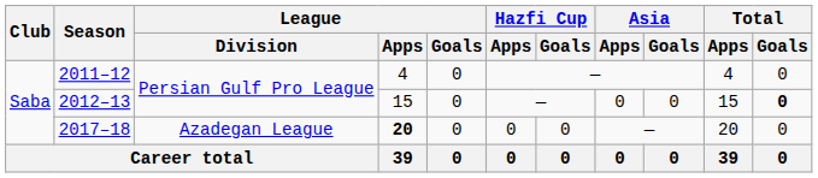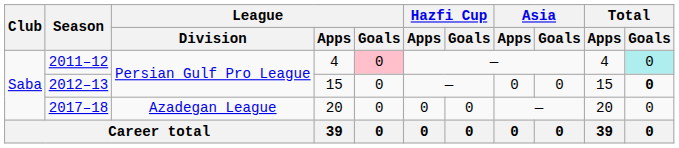 <table class="wikitable" style="text-align: center;">
 <tr>
 <th rowspan="2">Club</th>
 <th rowspan="2">Season</th>
 <th colspan="3">League</th>
 <th colspan="2"><a href='#'>Hazfi Cup</a></th>
 <th colspan="2"><a href='#'>Asia</a></th>
 <th colspan="2">Total</th>
 </tr>
 <tr>
 <th>Division</th>
 <th>Apps</th>
 <th>Goals</th>
 <th>Apps</th>
 <th>Goals</th>
 <th>Apps</th>
 <th>Goals</th>
 <th>Apps</th>
 <th>Goals</th>
 </tr>
 <tr>
 <td rowspan="3"><a href='#'>Saba</a></td>
 <td><a href='#'>2011–12</a></td>
 <td rowspan="2"><a href='#'>Persian Gulf Pro League</a></td>
 <td>4</td>
-<td>0</td>
+<td style="background: pink;">0</td>
 <td colspan=4>—</td>
 <td>4</td>
-<td>0</td>
+<td style="background: paleturquoise;">0</td>
 </tr>
 <tr>
 <td><a href='#'>2012–13</a></td>
 <td>15</td>
 <td>0</td>
 <td colspan=2>—</td>
 <td>0</td>
 <td>0</td>
 <td>15</td>
 <td><strong>0</strong></td>
 </tr>
 <tr>
 <td><a href='#'>2017–18</a></td>
 <td><a href='#'>Azadegan League</a></td>
-<td><strong>20</strong></td>
+<td>20</td>
 <td>0</td>
 <td>0</td>
 <td>0</td>
 <td colspan=2>—</td>
 <td>20</td>
 <td>0</td>
 </tr>
 <tr>
 <th colspan=3>Career total</th>
 <th>39</th>
 <th>0</th>
 <th>0</th>
 <th>0</th>
 <th>0</th>
 <th>0</th>
 <th>39</th>
 <th>0</th>
 </tr>
 </table>
